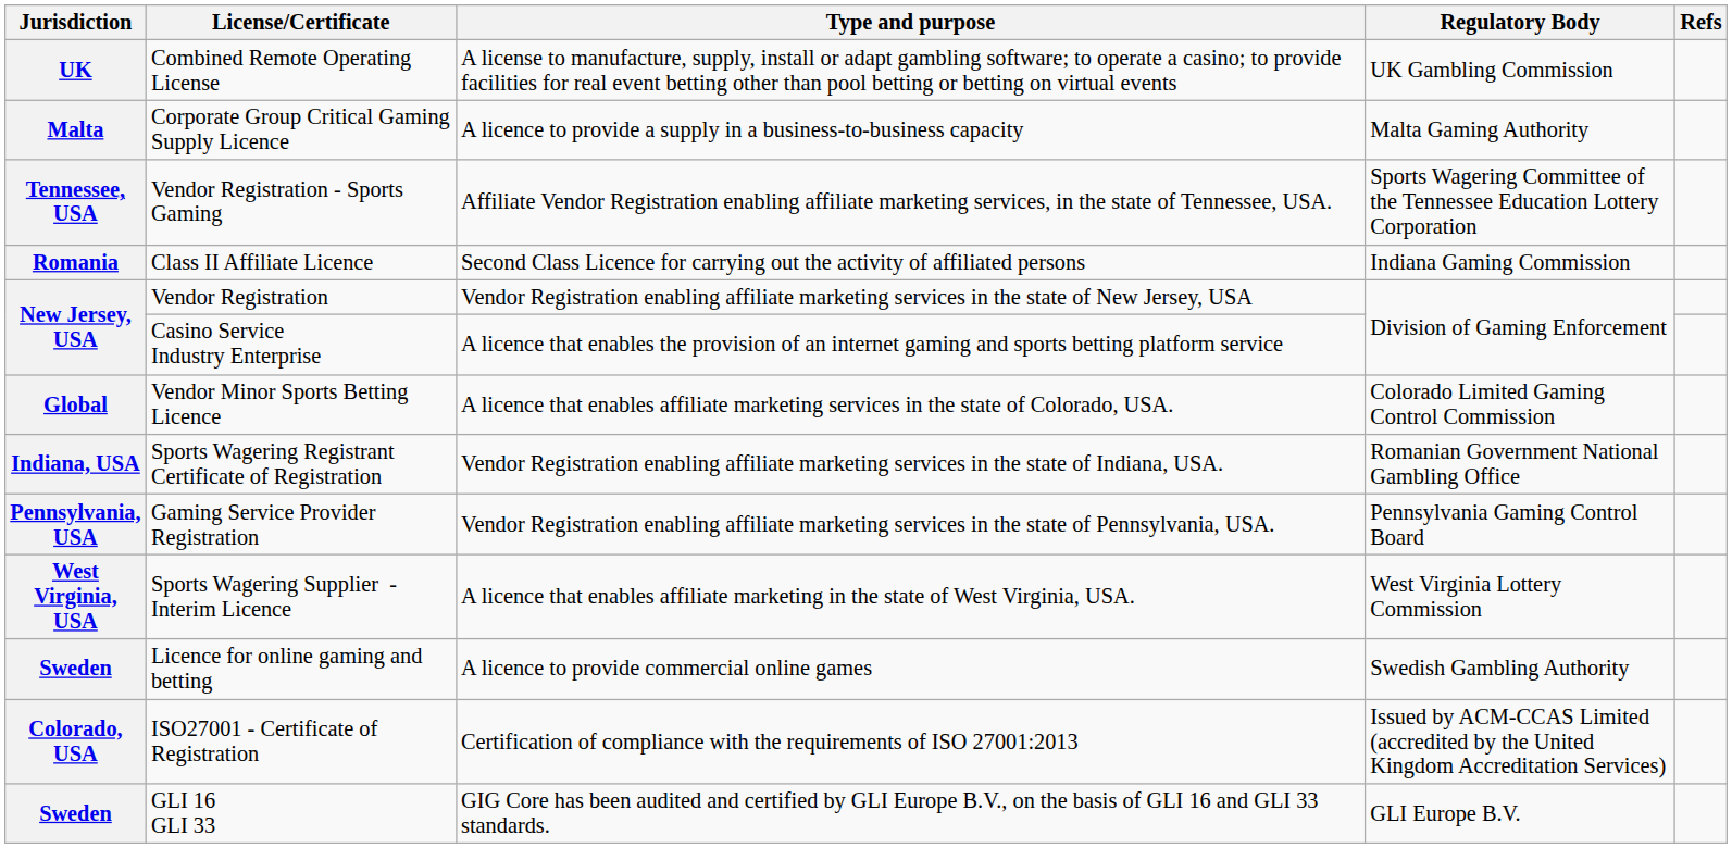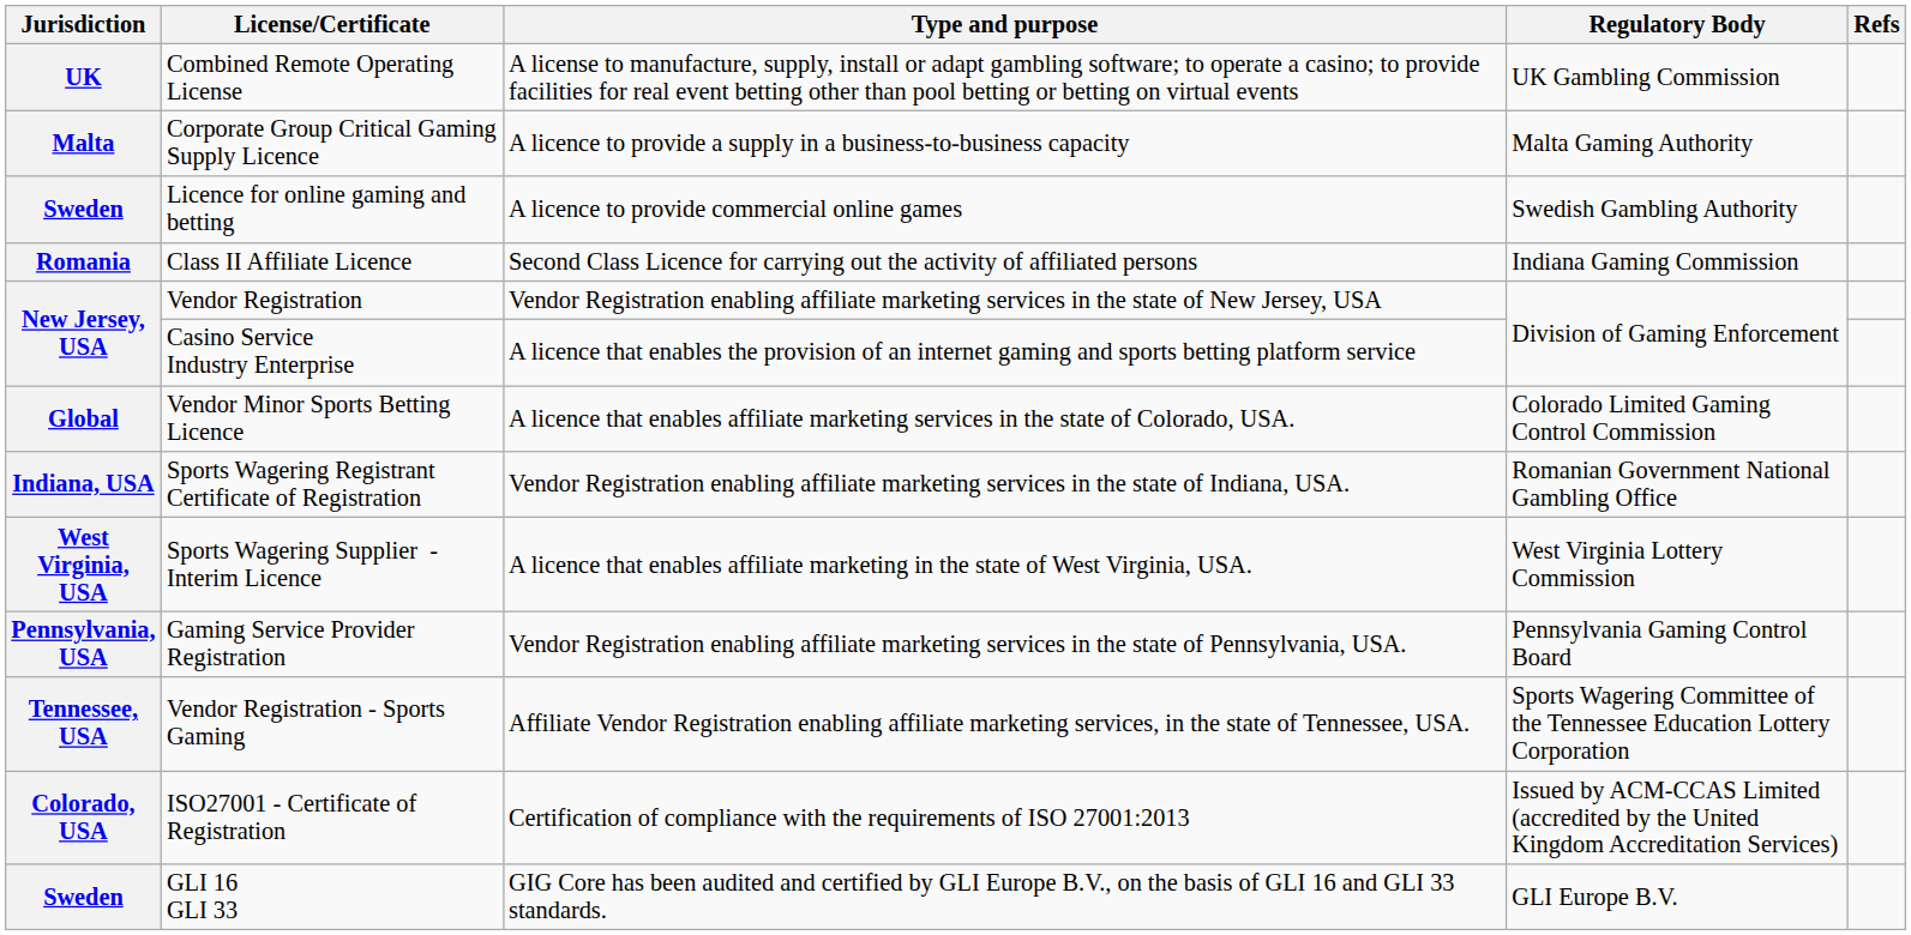 <table class="wikitable plainrowheaders">
 <tr>
 <th scope="col" style="width:4%">Jurisdiction</th>
 <th scope="col" style="width:18%">License/Certificate</th>
 <th scope="col" style="width:14%”">Type and purpose</th>
 <th scope="col" style="width:18%">Regulatory Body</th>
 <th scope="col">Refs</th>
 </tr>
 <tr>
 <th scope="row" style="text-align:center;”"><strong><a href='#'>UK</a></strong></th>
 <td>Combined Remote Operating License</td>
 <td>A license to manufacture, supply, install or adapt gambling software; to operate a casino; to provide facilities for real event betting other than pool betting or betting on virtual events</td>
 <td>UK Gambling Commission</td>
 <td style="text-align:center;"></td>
 </tr>
 <tr>
 <th scope="row" style="text-align:center;”"><strong><a href='#'>Malta</a></strong></th>
 <td>Corporate Group Critical Gaming Supply Licence</td>
 <td>A licence to provide a supply in a business-to-business capacity</td>
 <td>Malta Gaming Authority</td>
 <td style="text-align:center;"></td>
 </tr>
 <tr>
-<th><a href='#'>Tennessee, USA</a></th>
-<td>Vendor Registration - Sports Gaming</td>
-<td>Affiliate Vendor Registration enabling affiliate marketing services, in the state of Tennessee, USA.</td>
-<td>Sports Wagering Committee of the Tennessee Education Lottery Corporation</td>
+<th scope="row" style="text-align:center;”"><strong><a href='#'>Sweden</a></strong></th>
+<td>Licence for online gaming and betting</td>
+<td>A licence to provide commercial online games</td>
+<td>Swedish Gambling Authority</td>
 <td style="text-align:center;"></td>
 </tr>
 <tr>
 <th><a href='#'>Romania</a></th>
 <td>Class II Affiliate Licence</td>
 <td>Second Class Licence for carrying out the activity of affiliated persons</td>
 <td>Indiana Gaming Commission</td>
 <td style="text-align:center;"></td>
 </tr>
 <tr>
 <th rowspan="2"><a href='#'>New Jersey, USA</a></th>
 <td>Vendor Registration</td>
 <td>Vendor Registration enabling affiliate marketing services in the state of New Jersey, USA</td>
 <td rowspan="2">Division of Gaming Enforcement</td>
 <td style="text-align:center;"></td>
 </tr>
 <tr>
 <td>Casino Service<br>Industry Enterprise</td>
 <td>A licence that enables the provision of an internet gaming and sports betting platform service</td>
 <td style="text-align:center;"></td>
 </tr>
 <tr>
 <th><a href='#'>Global</a></th>
 <td>Vendor Minor Sports  Betting Licence</td>
 <td>A licence that enables affiliate marketing services in the state of  Colorado, USA.</td>
 <td>Colorado Limited Gaming Control Commission</td>
 <td style="text-align:center;"></td>
 </tr>
 <tr>
 <th><a href='#'>Indiana, USA</a></th>
 <td>Sports Wagering  Registrant Certificate of Registration</td>
 <td>Vendor Registration enabling affiliate marketing services in the state  of Indiana, USA.</td>
 <td>Romanian Government National Gambling Office</td>
 <td style="text-align:center;"></td>
 </tr>
 <tr>
+<th><a href='#'>West Virginia, USA</a></th>
+<td>Sports Wagering  Supplier  - Interim Licence</td>
+<td>A licence that enables affiliate marketing in the state of West  Virginia, USA.</td>
+<td>West Virginia Lottery Commission</td>
+<td style="text-align:center;"></td>
+</tr>
+<tr>
 <th><a href='#'>Pennsylvania, USA</a></th>
 <td>Gaming Service Provider  Registration</td>
 <td>Vendor Registration enabling affiliate marketing services in the state  of Pennsylvania, USA.</td>
 <td>Pennsylvania Gaming Control Board</td>
 <td style="text-align:center;"></td>
 </tr>
 <tr>
-<th><a href='#'>West Virginia, USA</a></th>
-<td>Sports Wagering  Supplier  - Interim Licence</td>
-<td>A licence that enables affiliate marketing in the state of West  Virginia, USA.</td>
-<td>West Virginia Lottery Commission</td>
-<td style="text-align:center;"></td>
-</tr>
-<tr>
-<th scope="row" style="text-align:center;”"><strong><a href='#'>Sweden</a></strong></th>
-<td>Licence for online gaming and betting</td>
-<td>A licence to provide commercial online games</td>
-<td>Swedish Gambling Authority</td>
+<th><a href='#'>Tennessee, USA</a></th>
+<td>Vendor Registration - Sports Gaming</td>
+<td>Affiliate Vendor Registration enabling affiliate marketing services, in the state of Tennessee, USA.</td>
+<td>Sports Wagering Committee of the Tennessee Education Lottery Corporation</td>
 <td style="text-align:center;"></td>
 </tr>
 <tr>
 <th><a href='#'>Colorado, USA</a></th>
 <td>ISO27001 - Certificate of  Registration</td>
 <td>Certification of compliance with the requirements of ISO 27001:2013</td>
 <td>Issued by ACM-CCAS Limited (accredited by the United Kingdom  Accreditation Services)</td>
 <td style="text-align:center;"></td>
 </tr>
 <tr>
 <th><a href='#'>Sweden</a></th>
 <td>GLI 16<br>GLI 33</td>
 <td>GIG Core has been audited  and certified by GLI Europe B.V., on the basis of GLI 16 and GLI 33  standards.</td>
 <td>GLI Europe B.V.</td>
 <td style="text-align:center;"></td>
 </tr>
 <tr>
 </tr>
 </table>
